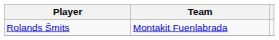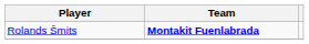 <table class="wikitable" style="text-align: center;">
 <tr>
 <th style="width:200px;">Player</th>
 <th style="width:220px;">Team</th>
 <th></th>
 </tr>
 <tr>
 <td align="left"> <a href='#'>Rolands Šmits</a></td>
-<td align="left"> <a href='#'>Montakit Fuenlabrada</a></td>
+<td align="left"><strong> <a href='#'>Montakit Fuenlabrada</a></strong></td>
 <td></td>
 </tr>
 <tr>
 </tr>
 </table>
